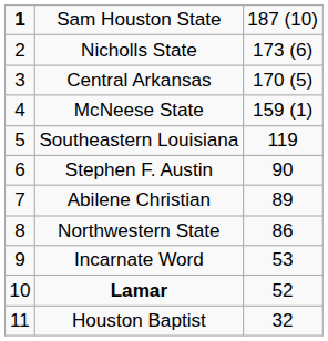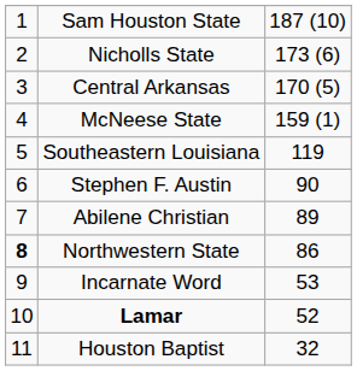 <table class="wikitable">
 <tr align="center">
 </tr>
 <tr align="center">
-<td><strong>1</strong></td>
+<td>1</td>
 <td>Sam Houston State</td>
 <td>187 (10)</td>
 </tr>
 <tr align="center">
 <td>2</td>
 <td>Nicholls State</td>
 <td>173 (6)</td>
 </tr>
 <tr align="center">
 <td>3</td>
 <td>Central Arkansas</td>
 <td>170 (5)</td>
 </tr>
 <tr align="center">
 <td>4</td>
 <td>McNeese State</td>
 <td>159 (1)</td>
 </tr>
 <tr align="center">
 <td>5</td>
 <td>Southeastern Louisiana</td>
 <td>119</td>
 </tr>
 <tr align="center">
 <td>6</td>
 <td>Stephen F. Austin</td>
 <td>90</td>
 </tr>
 <tr align="center">
 <td>7</td>
 <td>Abilene Christian</td>
 <td>89</td>
 </tr>
 <tr align="center">
-<td>8</td>
+<td><strong>8</strong></td>
 <td>Northwestern State</td>
 <td>86</td>
 </tr>
 <tr align="center">
 <td>9</td>
 <td>Incarnate Word</td>
 <td>53</td>
 </tr>
 <tr align="center">
 <td>10</td>
 <td><strong>Lamar</strong></td>
 <td>52</td>
 </tr>
 <tr align="center">
 <td>11</td>
 <td>Houston Baptist</td>
 <td>32</td>
 </tr>
 </table>
